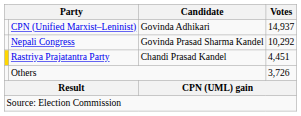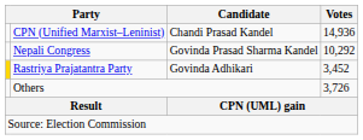 <table class="wikitable">
 <tr>
 <th colspan="2">Party</th>
 <th>Candidate</th>
 <th>Votes</th>
 </tr>
 <tr>
 <td style="background-color:"></td>
 <td><a href='#'>CPN (Unified Marxist–Leninist)</a></td>
-<td>Govinda Adhikari</td>
-<td>14,937</td>
+<td>Chandi Prasad Kandel</td>
+<td>14,936</td>
 </tr>
 <tr>
 <td style="background-color:"></td>
 <td><a href='#'>Nepali Congress</a></td>
 <td>Govinda Prasad Sharma Kandel</td>
 <td>10,292</td>
 </tr>
 <tr>
 <td style="background-color:gold"></td>
 <td><a href='#'>Rastriya Prajatantra Party</a></td>
-<td>Chandi Prasad Kandel</td>
-<td>4,451</td>
+<td>Govinda Adhikari</td>
+<td>3,452</td>
 </tr>
 <tr>
 <td></td>
 <td colspan="2">Others</td>
 <td>3,726</td>
 </tr>
 <tr>
 <th colspan="2">Result</th>
 <th colspan="2">CPN (UML) gain</th>
 </tr>
 <tr>
 <td colspan="4">Source: Election Commission</td>
 </tr>
 </table>
